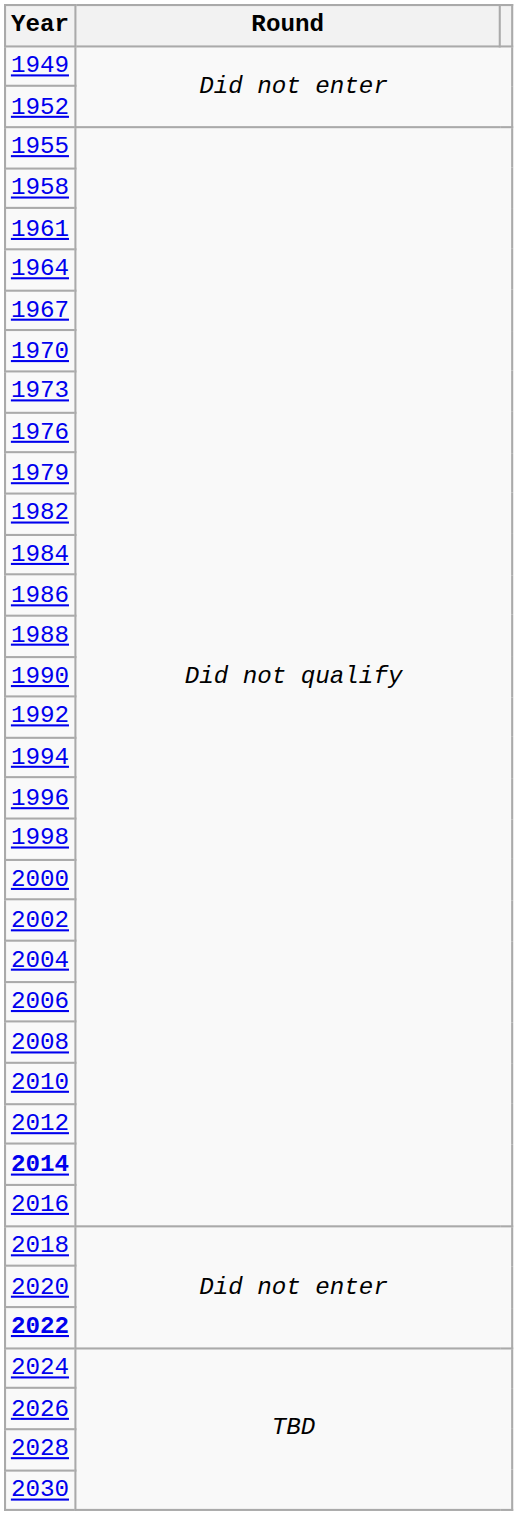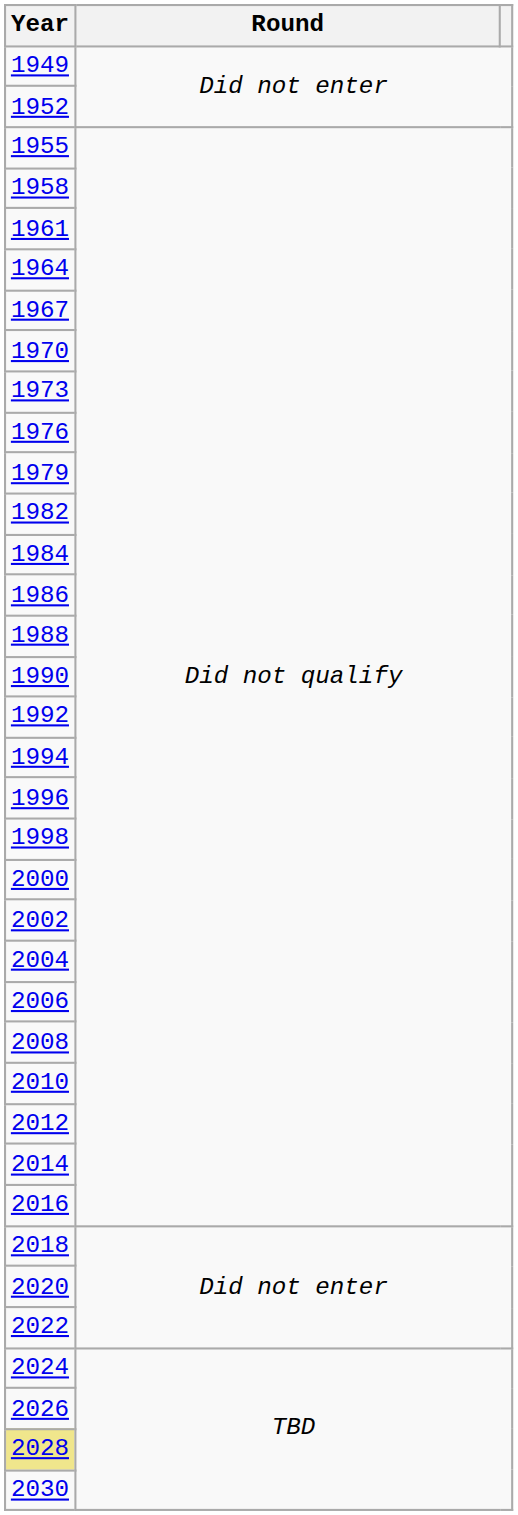 <table class="wikitable" style="text-align: center; font-size:90%">
 <tr>
 <th>Year</th>
 <th style="width:200px">Round</th>
 <th></th>
 </tr>
 <tr>
 <td><a href='#'>1949</a></td>
 <td colspan="2" rowspan="2"><em>Did not enter</em></td>
 </tr>
 <tr>
 <td><a href='#'>1952</a></td>
 </tr>
 <tr>
 <td><a href='#'>1955</a></td>
 <td colspan="2" rowspan="27"><em>Did not qualify</em></td>
 </tr>
 <tr>
 <td><a href='#'>1958</a></td>
 </tr>
 <tr>
 <td><a href='#'>1961</a></td>
 </tr>
 <tr>
 <td><a href='#'>1964</a></td>
 </tr>
 <tr>
 <td><a href='#'>1967</a></td>
 </tr>
 <tr>
 <td><a href='#'>1970</a></td>
 </tr>
 <tr>
 <td><a href='#'>1973</a></td>
 </tr>
 <tr>
 <td><a href='#'>1976</a></td>
 </tr>
 <tr>
 <td><a href='#'>1979</a></td>
 </tr>
 <tr>
 <td><a href='#'>1982</a></td>
 </tr>
 <tr>
 <td><a href='#'>1984</a></td>
 </tr>
 <tr>
 <td><a href='#'>1986</a></td>
 </tr>
 <tr>
 <td><a href='#'>1988</a></td>
 </tr>
 <tr>
 <td><a href='#'>1990</a></td>
 </tr>
 <tr>
 <td><a href='#'>1992</a></td>
 </tr>
 <tr>
 <td><a href='#'>1994</a></td>
 </tr>
 <tr>
 <td><a href='#'>1996</a></td>
 </tr>
 <tr>
 <td><a href='#'>1998</a></td>
 </tr>
 <tr>
 <td><a href='#'>2000</a></td>
 </tr>
 <tr>
 <td><a href='#'>2002</a></td>
 </tr>
 <tr>
 <td><a href='#'>2004</a></td>
 </tr>
 <tr>
 <td><a href='#'>2006</a></td>
 </tr>
 <tr>
 <td><a href='#'>2008</a></td>
 </tr>
 <tr>
 <td><a href='#'>2010</a></td>
 </tr>
 <tr>
 <td><a href='#'>2012</a></td>
 </tr>
 <tr>
-<td><strong><a href='#'>2014</a></strong></td>
+<td><a href='#'>2014</a></td>
 </tr>
 <tr>
 <td><a href='#'>2016</a></td>
 </tr>
 <tr>
 <td><a href='#'>2018</a></td>
 <td colspan="2" rowspan="3"><em>Did not enter</em></td>
 </tr>
 <tr>
 <td><a href='#'>2020</a></td>
 </tr>
 <tr>
-<td><strong><a href='#'>2022</a></strong></td>
+<td><a href='#'>2022</a></td>
 </tr>
 <tr>
 <td><a href='#'>2024</a></td>
 <td colspan="2" rowspan="4"><em>TBD</em></td>
 </tr>
 <tr>
 <td><a href='#'>2026</a></td>
 </tr>
 <tr>
-<td><a href='#'>2028</a></td>
+<td style="background: khaki;"><a href='#'>2028</a></td>
 </tr>
 <tr>
 <td><a href='#'>2030</a></td>
 </tr>
 </table>
